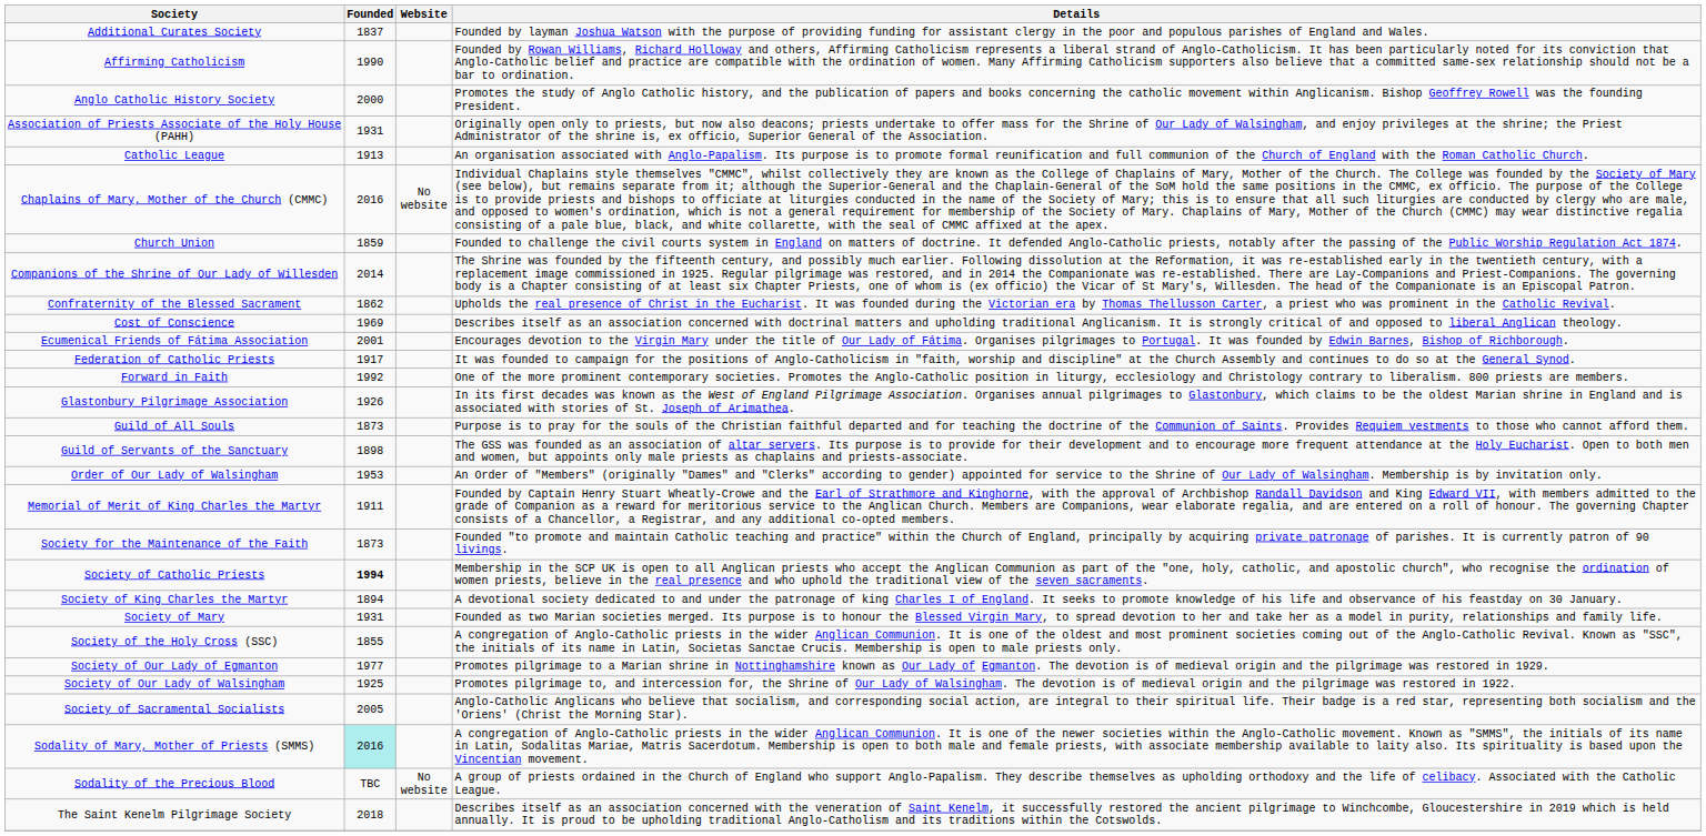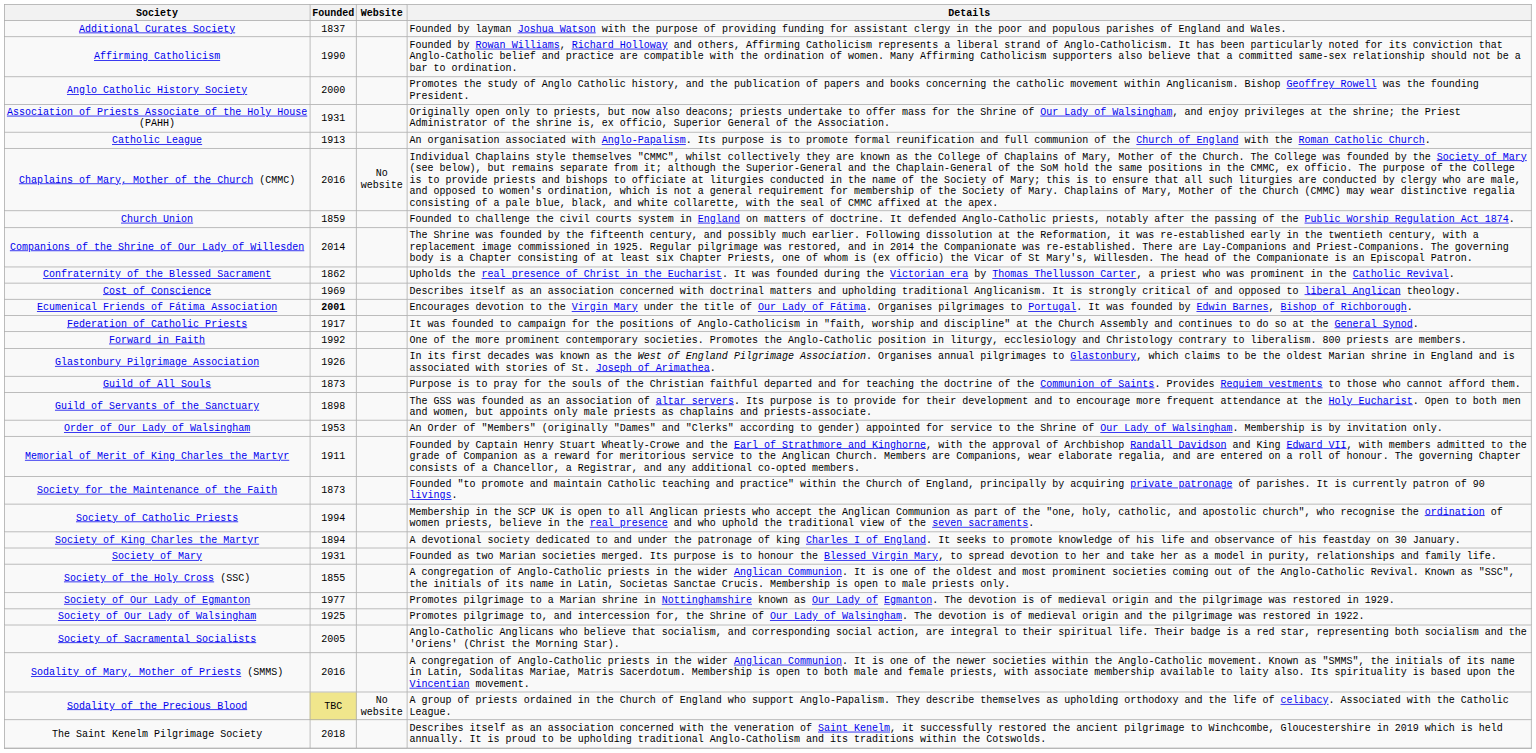 <table width=100% class="wikitable sortable">
 <tr>
 <th width=20%>Society</th>
 <th>Founded</th>
 <th class=unsortable>Website</th>
 <th class=unsortable>Details</th>
 </tr>
 <tr>
 <td align="center"><a href='#'>Additional Curates Society</a></td>
 <td align="center">1837</td>
 <td align="center"></td>
 <td align="left">Founded by layman <a href='#'>Joshua Watson</a> with the purpose of providing funding for assistant clergy in the poor and populous parishes of England and Wales.</td>
 </tr>
 <tr>
 <td align="center"><a href='#'>Affirming Catholicism</a></td>
 <td align="center">1990</td>
 <td align="center"></td>
 <td align="left">Founded by <a href='#'>Rowan Williams</a>, <a href='#'>Richard Holloway</a> and others, Affirming Catholicism represents a liberal strand of Anglo-Catholicism. It has been particularly noted for its conviction that Anglo-Catholic belief and practice are compatible with the ordination of women. Many Affirming Catholicism supporters also believe that a committed same-sex relationship should not be a bar to ordination.</td>
 </tr>
 <tr>
 <td align="center"><a href='#'>Anglo Catholic History Society</a></td>
 <td align="center">2000</td>
 <td align="center"></td>
 <td align="left">Promotes the study of Anglo Catholic history, and the publication of papers and books concerning the catholic movement within Anglicanism. Bishop <a href='#'>Geoffrey Rowell</a> was the founding President.</td>
 </tr>
 <tr>
 <td align="center"><a href='#'>Association of Priests Associate of the Holy House</a> (PAHH)</td>
 <td align="center">1931</td>
 <td align="center"></td>
 <td align="left">Originally open only to priests, but now also deacons; priests undertake to offer mass for the Shrine of <a href='#'>Our Lady of Walsingham</a>, and enjoy privileges at the shrine; the Priest Administrator of the shrine is, ex officio, Superior General of the Association.</td>
 </tr>
 <tr>
 <td align="center"><a href='#'>Catholic League</a></td>
 <td align="center">1913</td>
 <td align="center"></td>
 <td align="left">An organisation associated with <a href='#'>Anglo-Papalism</a>. Its purpose is to promote formal reunification and full communion of the <a href='#'>Church of England</a> with the <a href='#'>Roman Catholic Church</a>.</td>
 </tr>
 <tr>
 <td align="center"><a href='#'>Chaplains of Mary, Mother of the Church</a> (CMMC)</td>
 <td align="center">2016</td>
 <td align="center">No website</td>
 <td align="left">Individual Chaplains style themselves "CMMC", whilst collectively they are known as the College of Chaplains of Mary, Mother of the Church. The College was founded by the <a href='#'>Society of Mary</a> (see below), but remains separate from it; although the Superior-General and the Chaplain-General of the SoM hold the same positions in the CMMC, ex officio. The purpose of the College is to provide priests and bishops to officiate at liturgies conducted in the name of the Society of Mary; this is to ensure that all such liturgies are conducted by clergy who are male, and opposed to women's ordination, which is not a general requirement for membership of the Society of Mary. Chaplains of Mary, Mother of the Church (CMMC) may wear distinctive regalia consisting of a pale blue, black, and white collarette, with the seal of CMMC affixed at the apex.</td>
 </tr>
 <tr>
 <td align="center"><a href='#'>Church Union</a></td>
 <td align="center">1859</td>
 <td align="center"></td>
 <td align="left">Founded to challenge the civil courts system in <a href='#'>England</a> on matters of doctrine. It defended Anglo-Catholic priests, notably after the passing of the <a href='#'>Public Worship Regulation Act 1874</a>.</td>
 </tr>
 <tr>
 <td align="center"><a href='#'>Companions of the Shrine of Our Lady of Willesden</a></td>
 <td align="center">2014</td>
 <td align="center"> </td>
 <td align="left">The Shrine was founded by the fifteenth century, and possibly much earlier. Following dissolution at the Reformation, it was re-established early in the twentieth century, with a replacement image commissioned in 1925. Regular pilgrimage was restored, and in 2014 the Companionate was re-established. There are Lay-Companions and Priest-Companions. The governing body is a Chapter consisting of at least six Chapter Priests, one of whom is (ex officio) the Vicar of St Mary's, Willesden. The head of the Companionate is an Episcopal Patron.</td>
 </tr>
 <tr>
 <td align="center"><a href='#'>Confraternity of the Blessed Sacrament</a></td>
 <td align="center">1862</td>
 <td align="center"></td>
 <td align="left">Upholds the <a href='#'>real presence of Christ in the Eucharist</a>. It was founded during the <a href='#'>Victorian era</a> by <a href='#'>Thomas Thellusson Carter</a>, a priest who was prominent in the <a href='#'>Catholic Revival</a>.</td>
 </tr>
 <tr>
 <td align="center"><a href='#'>Cost of Conscience</a></td>
 <td align="center">1969</td>
 <td align="center"></td>
 <td align="left">Describes itself as an association concerned with doctrinal matters and upholding traditional Anglicanism. It is strongly critical of and opposed to <a href='#'>liberal Anglican</a> theology.</td>
 </tr>
 <tr>
 <td align="center"><a href='#'>Ecumenical Friends of Fátima Association</a></td>
-<td align="center">2001</td>
+<td align="center"><strong>2001</strong></td>
 <td align="center"></td>
 <td align="left">Encourages devotion to the <a href='#'>Virgin Mary</a> under the title of <a href='#'>Our Lady of Fátima</a>. Organises pilgrimages to <a href='#'>Portugal</a>. It was founded by <a href='#'>Edwin Barnes</a>, <a href='#'>Bishop of Richborough</a>.</td>
 </tr>
 <tr>
 <td align="center"><a href='#'>Federation of Catholic Priests</a></td>
 <td align="center">1917</td>
 <td align="center"></td>
 <td align="left">It was founded to campaign for the positions of Anglo-Catholicism in "faith, worship and discipline" at the Church Assembly and continues to do so at the <a href='#'>General Synod</a>.</td>
 </tr>
 <tr>
 <td align="center"><a href='#'>Forward in Faith</a></td>
 <td align="center">1992</td>
 <td align="center"></td>
 <td align="left">One of the more prominent contemporary societies. Promotes the Anglo-Catholic position in liturgy, ecclesiology and Christology contrary to liberalism. 800 priests are members.</td>
 </tr>
 <tr>
 <td align="center"><a href='#'>Glastonbury Pilgrimage Association</a></td>
 <td align="center">1926</td>
 <td align="center"></td>
 <td align="left">In its first decades was known as the <em>West of England Pilgrimage Association</em>. Organises annual pilgrimages to <a href='#'>Glastonbury</a>, which claims to be the oldest Marian shrine in England and is associated with stories of St. <a href='#'>Joseph of Arimathea</a>.</td>
 </tr>
 <tr>
 <td align="center"><a href='#'>Guild of All Souls</a></td>
 <td align="center">1873</td>
 <td align="center"></td>
 <td align="left">Purpose is to pray for the souls of the Christian faithful departed and for teaching the doctrine of the <a href='#'>Communion of Saints</a>. Provides <a href='#'>Requiem vestments</a> to those who cannot afford them.</td>
 </tr>
 <tr>
 <td align="center"><a href='#'>Guild of Servants of the Sanctuary</a></td>
 <td align="center">1898</td>
 <td align="center"></td>
 <td align="left">The GSS was founded as an association of <a href='#'>altar servers</a>. Its purpose is to provide for their development and to encourage more frequent attendance at the <a href='#'>Holy Eucharist</a>. Open to both men and women, but appoints only male priests as chaplains and priests-associate.</td>
 </tr>
 <tr>
 <td align="center"><a href='#'>Order of Our Lady of Walsingham</a></td>
 <td align="center">1953</td>
 <td align="center"></td>
 <td align="left">An Order of "Members" (originally "Dames" and "Clerks" according to gender) appointed for service to the Shrine of <a href='#'>Our Lady of Walsingham</a>. Membership is by invitation only.</td>
 </tr>
 <tr>
 <td align="center"><a href='#'>Memorial of Merit of King Charles the Martyr</a></td>
 <td align="center">1911</td>
 <td align="center"></td>
 <td align="left">Founded by Captain Henry Stuart Wheatly-Crowe and the <a href='#'>Earl of Strathmore and Kinghorne</a>, with the approval of Archbishop <a href='#'>Randall Davidson</a> and King <a href='#'>Edward VII</a>, with members admitted to the grade of Companion as a reward for meritorious service to the Anglican Church. Members are Companions, wear elaborate regalia, and are entered on a roll of honour. The governing Chapter consists of a Chancellor, a Registrar, and any additional co-opted members.</td>
 </tr>
 <tr>
 <td align="center"><a href='#'>Society for the Maintenance of the Faith</a></td>
 <td align="center">1873</td>
 <td align="center"></td>
 <td align="left">Founded "to promote and maintain Catholic teaching and practice" within the Church of England, principally by acquiring <a href='#'>private patronage</a> of parishes. It is currently patron of 90 <a href='#'>livings</a>.</td>
 </tr>
 <tr>
 <td align="center"><a href='#'>Society of Catholic Priests</a></td>
-<td align="center"><strong>1994</strong></td>
+<td align="center">1994</td>
 <td align="center"><br><br></td>
 <td align="left">Membership in the SCP UK is open to all Anglican priests who accept the Anglican Communion as part of the "one, holy, catholic, and apostolic church", who recognise the <a href='#'>ordination</a> of women priests, believe in the <a href='#'>real presence</a> and who uphold the traditional view of the <a href='#'>seven sacraments</a>.</td>
 </tr>
 <tr>
 <td align="center"><a href='#'>Society of King Charles the Martyr</a></td>
 <td align="center">1894</td>
 <td align="center"></td>
 <td align="left">A devotional society dedicated to and under the patronage of king <a href='#'>Charles I of England</a>. It seeks to promote knowledge of his life and observance of his feastday on 30 January.</td>
 </tr>
 <tr>
 <td align="center"><a href='#'>Society of Mary</a></td>
 <td align="center">1931</td>
 <td align="center"></td>
 <td align="left">Founded as two Marian societies merged. Its purpose is to honour the <a href='#'>Blessed Virgin Mary</a>, to spread devotion to her and take her as a model in purity, relationships and family life.</td>
 </tr>
 <tr>
 <td align="center"><a href='#'>Society of the Holy Cross</a> (SSC)</td>
 <td align="center">1855</td>
 <td align="center"></td>
 <td align="left">A congregation of Anglo-Catholic priests in the wider <a href='#'>Anglican Communion</a>. It is one of the oldest and most prominent societies coming out of the Anglo-Catholic Revival. Known as "SSC", the initials of its name in Latin, Societas Sanctae Crucis. Membership is open to male priests only.</td>
 </tr>
 <tr>
 <td align="center"><a href='#'>Society of Our Lady of Egmanton</a></td>
 <td align="center">1977</td>
 <td align="center"></td>
 <td align="left">Promotes pilgrimage to a Marian shrine in <a href='#'>Nottinghamshire</a> known as <a href='#'>Our Lady of</a> <a href='#'>Egmanton</a>. The devotion is of medieval origin and the pilgrimage was restored in 1929.</td>
 </tr>
 <tr>
 <td align="center"><a href='#'>Society of Our Lady of Walsingham</a></td>
 <td align="center">1925</td>
 <td align="center"></td>
 <td align="left">Promotes pilgrimage to, and intercession for, the Shrine of <a href='#'>Our Lady of Walsingham</a>. The devotion is of medieval origin and the pilgrimage was restored in 1922.</td>
 </tr>
 <tr>
 <td align="center"><a href='#'>Society of Sacramental Socialists</a></td>
 <td align="center">2005</td>
 <td align="center"></td>
 <td align="left">Anglo-Catholic Anglicans who believe that socialism, and corresponding social action, are integral to their spiritual life. Their badge is a red star, representing both socialism and the 'Oriens' (Christ the Morning Star).</td>
 </tr>
 <tr>
 <td align="center"><a href='#'>Sodality of Mary, Mother of Priests</a> (SMMS)</td>
-<td align="center" style="background: paleturquoise;">2016</td>
+<td align="center">2016</td>
 <td align="center"></td>
 <td align="left">A congregation of Anglo-Catholic priests in the wider <a href='#'>Anglican Communion</a>. It is one of the newer societies within the Anglo-Catholic movement. Known as "SMMS", the initials of its name in Latin, Sodalitas Mariae, Matris Sacerdotum. Membership is open to both male and female priests, with associate membership available to laity also. Its spirituality is based upon the <a href='#'>Vincentian</a> movement.</td>
 </tr>
 <tr>
 <td align="center"><a href='#'>Sodality of the Precious Blood</a></td>
-<td align="center">TBC</td>
+<td align="center" style="background: khaki;">TBC</td>
 <td align="center">No website</td>
 <td align="left">A group of priests ordained in the Church of England who support Anglo-Papalism. They describe themselves as upholding orthodoxy and the life of <a href='#'>celibacy</a>. Associated with the Catholic League.</td>
 </tr>
 <tr>
 <td align="center">The Saint Kenelm Pilgrimage Society</td>
 <td align="center">2018</td>
 <td align="center"></td>
 <td align="left">Describes itself as an association concerned with the veneration of <a href='#'>Saint Kenelm</a>, it successfully restored the ancient pilgrimage to Winchcombe, Gloucestershire in 2019 which is held annually. It is proud to be upholding traditional Anglo-Catholism and its traditions within the Cotswolds.</td>
 </tr>
 <tr>
 </tr>
 </table>
